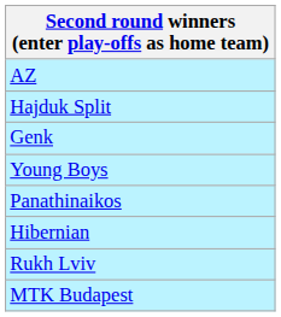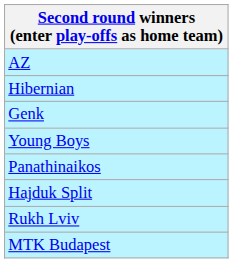 <table class="wikitable">
 <tr>
 <th width=210><a href='#'>Second round</a> winners<br>(enter <a href='#'>play-offs</a> as home team)</th>
 </tr>
 <tr>
 <td bgcolor=#BBF3FF> <a href='#'>AZ</a></td>
 </tr>
 <tr>
-<td bgcolor=#BBF3FF> <a href='#'>Hajduk Split</a></td>
+<td bgcolor=#BBF3FF> <a href='#'>Hibernian</a></td>
 </tr>
 <tr>
 <td bgcolor=#BBF3FF> <a href='#'>Genk</a></td>
 </tr>
 <tr>
 <td bgcolor=#BBF3FF> <a href='#'>Young Boys</a></td>
 </tr>
 <tr>
 <td bgcolor=#BBF3FF> <a href='#'>Panathinaikos</a></td>
 </tr>
 <tr>
-<td bgcolor=#BBF3FF> <a href='#'>Hibernian</a></td>
+<td bgcolor=#BBF3FF> <a href='#'>Hajduk Split</a></td>
 </tr>
 <tr>
 <td bgcolor=#BBF3FF> <a href='#'>Rukh Lviv</a></td>
 </tr>
 <tr>
 <td bgcolor=#BBF3FF> <a href='#'>MTK Budapest</a></td>
 </tr>
 </table>
